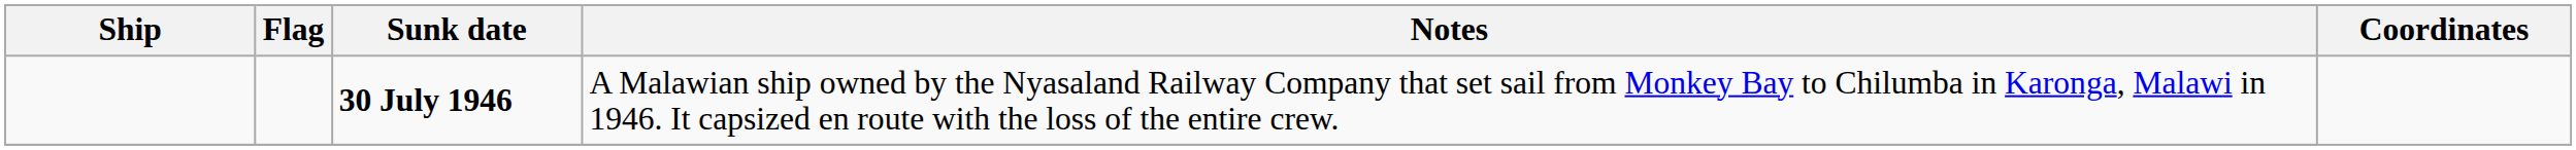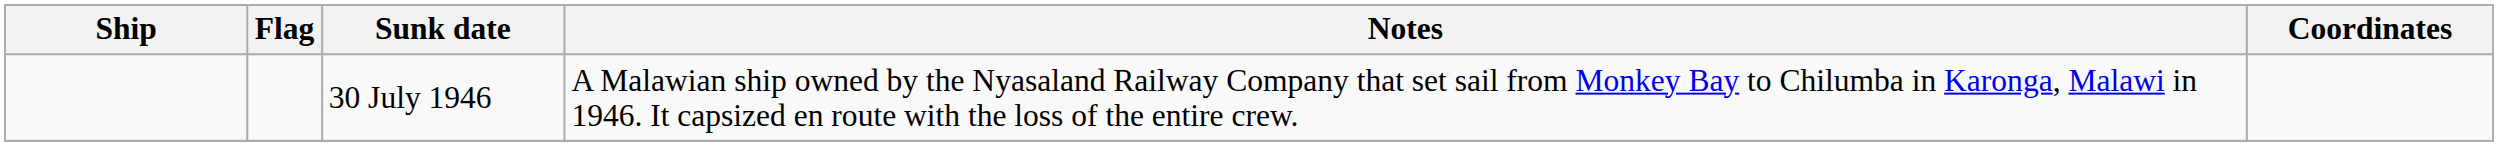 <table class=wikitable | style = "width:100%">
 <tr>
 <th style="width:10%">Ship</th>
 <th>Flag</th>
 <th style="width:10%">Sunk date</th>
 <th style="width:70%">Notes</th>
 <th style="width:10%">Coordinates</th>
 </tr>
 <tr>
 <td></td>
 <td></td>
-<td><strong>30 July  1946</strong></td>
+<td>30 July  1946</td>
 <td>A Malawian ship owned by the Nyasaland Railway Company that set sail from <a href='#'>Monkey Bay</a> to Chilumba in <a href='#'>Karonga</a>, <a href='#'>Malawi</a> in 1946. It capsized en route with the loss of the entire crew.</td>
 </tr>
 <tr>
 </tr>
 </table>
